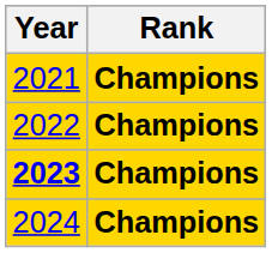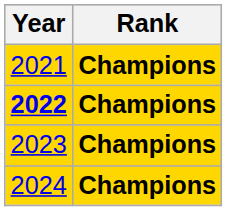 <table class="wikitable">
 <tr>
 <th>Year</th>
 <th>Rank</th>
 </tr>
 <tr bgcolor=gold>
 <td> <a href='#'>2021</a></td>
 <td><strong>Champions</strong></td>
 </tr>
 <tr bgcolor=gold>
-<td> <a href='#'>2022</a></td>
+<td><strong> <a href='#'>2022</a></strong></td>
 <td><strong>Champions</strong></td>
 </tr>
 <tr bgcolor=gold>
-<td><strong> <a href='#'>2023</a></strong></td>
+<td> <a href='#'>2023</a></td>
 <td><strong>Champions</strong></td>
 </tr>
 <tr bgcolor=gold>
 <td> <a href='#'>2024</a></td>
 <td><strong>Champions</strong></td>
 </tr>
 </table>
